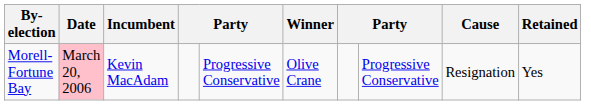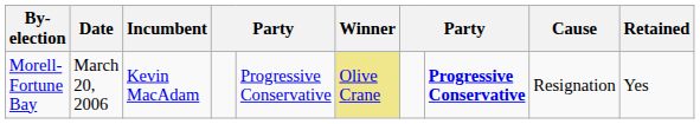 <table class=wikitable style="width:100%">
 <tr>
 <th>By-election</th>
 <th>Date</th>
 <th>Incumbent</th>
 <th colspan=2>Party</th>
 <th>Winner</th>
 <th colspan=2>Party</th>
 <th>Cause</th>
 <th>Retained</th>
 </tr>
 <tr>
 <td><a href='#'>Morell-Fortune Bay</a></td>
-<td style="background: pink;">March 20, 2006</td>
+<td>March 20, 2006</td>
 <td><a href='#'>Kevin MacAdam</a></td>
 <td>    </td>
 <td><a href='#'>Progressive Conservative</a></td>
-<td><a href='#'>Olive Crane</a></td>
+<td style="background: khaki;"><a href='#'>Olive Crane</a></td>
 <td>    </td>
-<td><a href='#'>Progressive Conservative</a></td>
+<td><strong><a href='#'>Progressive Conservative</a></strong></td>
 <td>Resignation</td>
 <td>Yes</td>
 </tr>
 </table>
